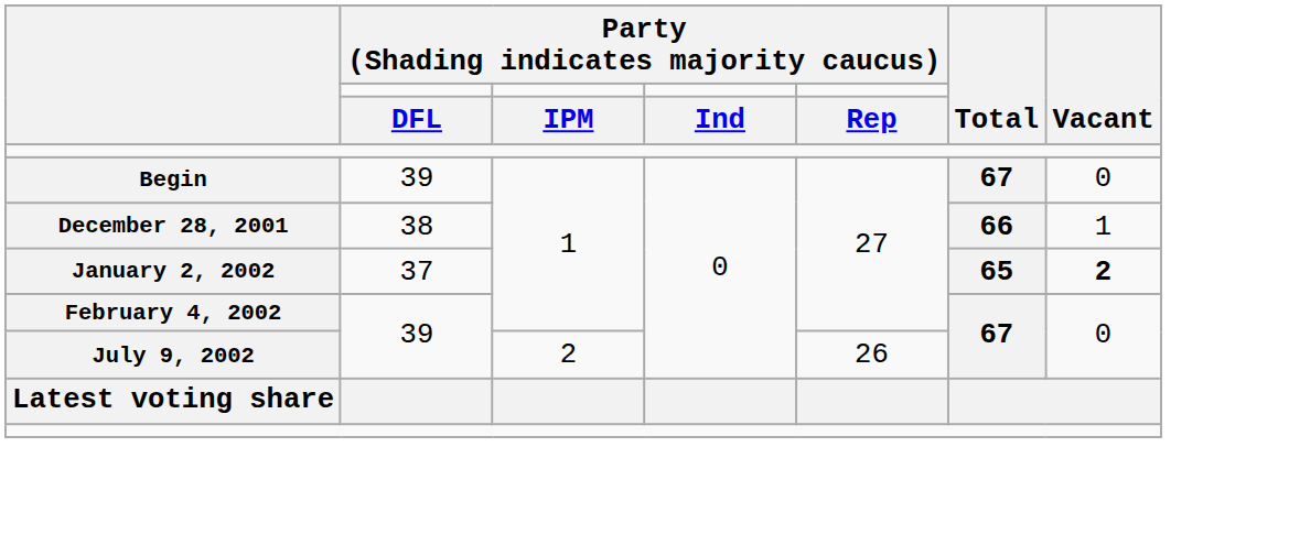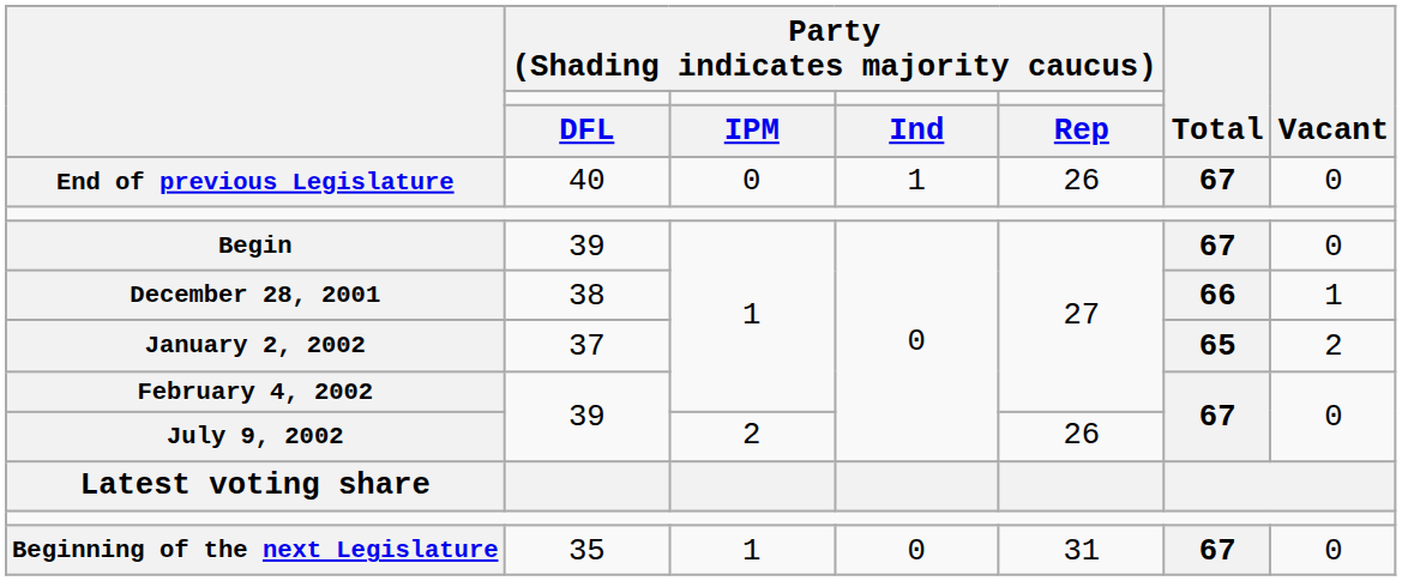 <table class=wikitable style="text-align:center">
 <tr style="vertical-align:bottom;">
 <th rowspan=3></th>
 <th colspan=4>Party <div>(Shading indicates majority caucus)</div></th>
 <th rowspan=3>Total</th>
 <th rowspan=3>Vacant</th>
 </tr>
 <tr style="height:5px">
 <td style="background-color:"></td>
 <td style="background-color:"></td>
 <td style="background-color:"></td>
 <td style="background-color:"></td>
 </tr>
 <tr>
 <th><a href='#'>DFL</a></th>
 <th><a href='#'>IPM</a></th>
 <th><a href='#'>Ind</a></th>
 <th><a href='#'>Rep</a></th>
+</tr>
+<tr>
+<th style="white-space:nowrap; font-size:80%;">End of <a href='#'>previous Legislature</a></th>
+<td>40</td>
+<td>0</td>
+<td>1</td>
+<td>26</td>
+<th>67</th>
+<td>0</td>
 </tr>
 <tr>
 <td colspan=7></td>
 </tr>
 <tr>
 <th style="font-size:80%">Begin </th>
 <td>39</td>
 <td rowspan="4">1</td>
 <td rowspan="5">0</td>
 <td rowspan="4">27</td>
 <th>67</th>
 <td>0</td>
 </tr>
 <tr>
 <th style="font-size:80%">December 28, 2001 </th>
 <td>38</td>
 <th>66</th>
 <td>1</td>
 </tr>
 <tr>
 <th style="font-size:80%">January 2, 2002 </th>
 <td>37</td>
 <th>65</th>
-<td><strong>2</strong></td>
+<td>2</td>
 </tr>
 <tr>
 <th style="font-size:80%">February 4, 2002 </th>
 <td rowspan="2" >39</td>
 <th rowspan="2">67</th>
 <td rowspan="2">0</td>
 </tr>
 <tr>
 <th style="font-size:80%">July 9, 2002 </th>
 <td>2</td>
 <td>26</td>
 </tr>
 <tr>
 <th>Latest voting share</th>
 <th></th>
 <th></th>
 <th></th>
 <th></th>
 <th colspan=2></th>
 </tr>
 <tr>
 <td colspan=7></td>
 </tr>
+<tr>
+<th style="white-space:nowrap; font-size:80%;">Beginning of the <a href='#'>next Legislature</a></th>
+<td>35</td>
+<td>1</td>
+<td>0</td>
+<td>31</td>
+<th>67</th>
+<td>0</td>
+</tr>
 </table>
